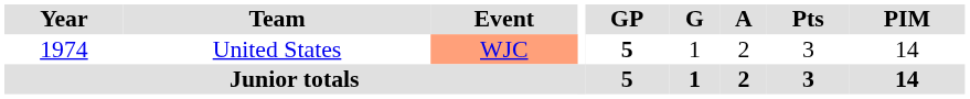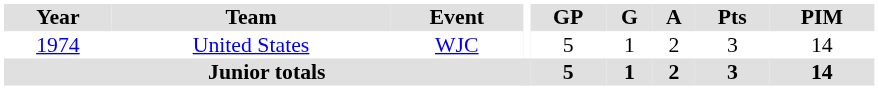 <table border="0" cellpadding="1" cellspacing="0" ID="Table3" style="text-align:center; width:40em">
 <tr bgcolor="#e0e0e0">
 <th>Year</th>
 <th>Team</th>
 <th>Event</th>
 <th rowspan="102" bgcolor="#ffffff"></th>
 <th>GP</th>
 <th>G</th>
 <th>A</th>
 <th>Pts</th>
 <th>PIM</th>
 </tr>
 <tr>
 <td><a href='#'>1974</a></td>
 <td><a href='#'>United States</a></td>
-<td style="background: lightsalmon;"><a href='#'>WJC</a></td>
-<td><strong>5</strong></td>
+<td><a href='#'>WJC</a></td>
+<td>5</td>
 <td>1</td>
 <td>2</td>
 <td>3</td>
 <td>14</td>
 </tr>
 <tr bgcolor="#e0e0e0">
 <th colspan="4">Junior totals</th>
 <th>5</th>
 <th>1</th>
 <th>2</th>
 <th>3</th>
 <th>14</th>
 </tr>
 </table>
